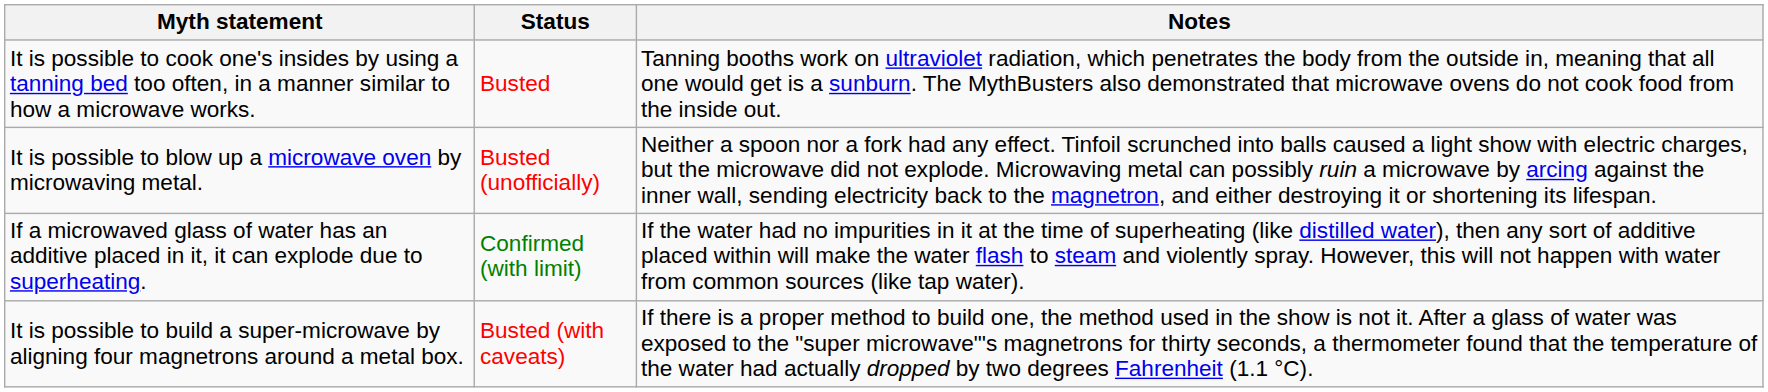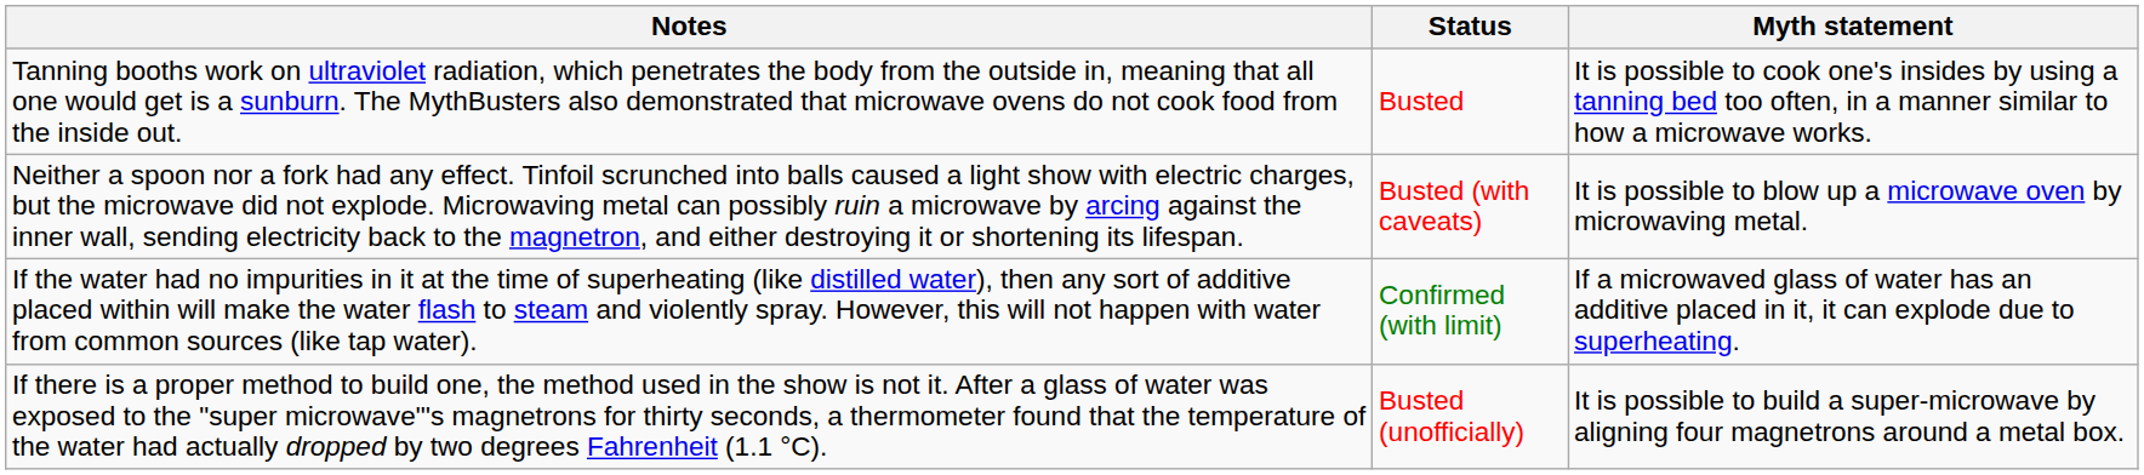 <table class="wikitable plainrowheaders">
 <tr>
+<th>Notes</th>
+<th>Status</th>
 <th>Myth statement</th>
-<th>Status</th>
-<th>Notes</th>
 </tr>
 <tr>
+<td>Tanning booths work on <a href='#'>ultraviolet</a> radiation, which penetrates the body from the outside in, meaning that all one would get is a <a href='#'>sunburn</a>. The MythBusters also demonstrated that microwave ovens do not cook food from the inside out.</td>
+<td style="color:red">Busted</td>
 <td>It is possible to cook one's insides by using a <a href='#'>tanning bed</a> too often, in a manner similar to how a microwave works.</td>
-<td style="color:red">Busted</td>
-<td>Tanning booths work on <a href='#'>ultraviolet</a> radiation, which penetrates the body from the outside in, meaning that all one would get is a <a href='#'>sunburn</a>. The MythBusters also demonstrated that microwave ovens do not cook food from the inside out.</td>
 </tr>
 <tr>
+<td>Neither a spoon nor a fork had any effect. Tinfoil scrunched into balls caused a light show with electric charges, but the microwave did not explode. Microwaving metal can possibly <em>ruin</em> a microwave by <a href='#'>arcing</a> against the inner wall, sending electricity back to the <a href='#'>magnetron</a>, and either destroying it or shortening its lifespan.</td>
+<td style="color:red">Busted (with caveats)</td>
 <td>It is possible to blow up a <a href='#'>microwave oven</a> by microwaving metal.</td>
-<td style="color:red">Busted (unofficially)</td>
-<td>Neither a spoon nor a fork had any effect. Tinfoil scrunched into balls caused a light show with electric charges, but the microwave did not explode. Microwaving metal can possibly <em>ruin</em> a microwave by <a href='#'>arcing</a> against the inner wall, sending electricity back to the <a href='#'>magnetron</a>, and either destroying it or shortening its lifespan.</td>
 </tr>
 <tr>
+<td>If the water had no impurities in it at the time of superheating (like <a href='#'>distilled water</a>), then any sort of additive placed within will make the water <a href='#'>flash</a> to <a href='#'>steam</a> and violently spray. However, this will not happen with water from common sources (like tap water).</td>
+<td style="color:green">Confirmed (with limit)</td>
 <td>If a microwaved glass of water has an additive placed in it, it can explode due to <a href='#'>superheating</a>.</td>
-<td style="color:green">Confirmed (with limit)</td>
-<td>If the water had no impurities in it at the time of superheating (like <a href='#'>distilled water</a>), then any sort of additive placed within will make the water <a href='#'>flash</a> to <a href='#'>steam</a> and violently spray. However, this will not happen with water from common sources (like tap water).</td>
 </tr>
 <tr>
+<td>If there is a proper method to build one, the method used in the show is not it. After a glass of water was exposed to the "super microwave"'s magnetrons for thirty seconds, a thermometer found that the temperature of the water had actually <em>dropped</em> by two degrees <a href='#'>Fahrenheit</a> (1.1 °C).</td>
+<td style="color:red">Busted (unofficially)</td>
 <td>It is possible to build a super-microwave by aligning four magnetrons around a metal box.</td>
-<td style="color:red">Busted (with caveats)</td>
-<td>If there is a proper method to build one, the method used in the show is not it. After a glass of water was exposed to the "super microwave"'s magnetrons for thirty seconds, a thermometer found that the temperature of the water had actually <em>dropped</em> by two degrees <a href='#'>Fahrenheit</a> (1.1 °C).</td>
 </tr>
 </table>
